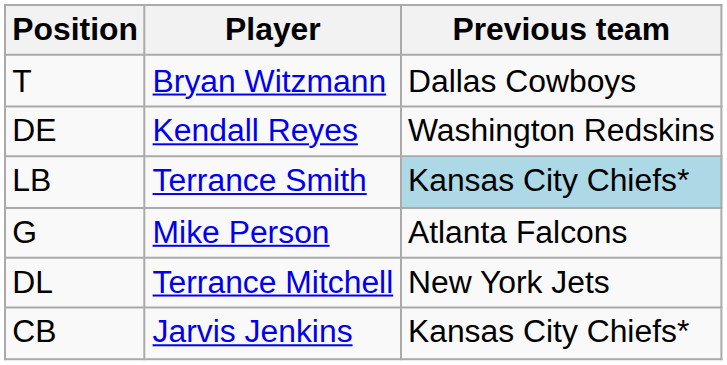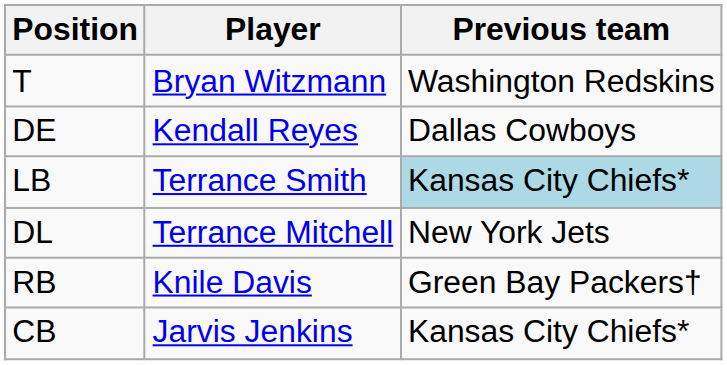 <table class="wikitable">
 <tr>
 <th>Position</th>
 <th>Player</th>
 <th>Previous team</th>
 </tr>
 <tr>
 <td>T</td>
 <td><a href='#'>Bryan Witzmann</a></td>
-<td>Dallas Cowboys</td>
+<td>Washington Redskins</td>
 </tr>
 <tr>
 <td>DE</td>
 <td><a href='#'>Kendall Reyes</a></td>
-<td>Washington Redskins</td>
+<td>Dallas Cowboys</td>
 </tr>
 <tr>
 <td>LB</td>
 <td><a href='#'>Terrance Smith</a></td>
 <td style="background: lightblue;">Kansas City Chiefs*</td>
 </tr>
 <tr>
-<td>G</td>
-<td><a href='#'>Mike Person</a></td>
-<td>Atlanta Falcons</td>
-</tr>
-<tr>
 <td>DL</td>
 <td><a href='#'>Terrance Mitchell</a></td>
 <td>New York Jets</td>
+</tr>
+<tr>
+<td>RB</td>
+<td><a href='#'>Knile Davis</a></td>
+<td>Green Bay Packers†</td>
 </tr>
 <tr>
 <td>CB</td>
 <td><a href='#'>Jarvis Jenkins</a></td>
 <td>Kansas City Chiefs*</td>
 </tr>
 </table>
